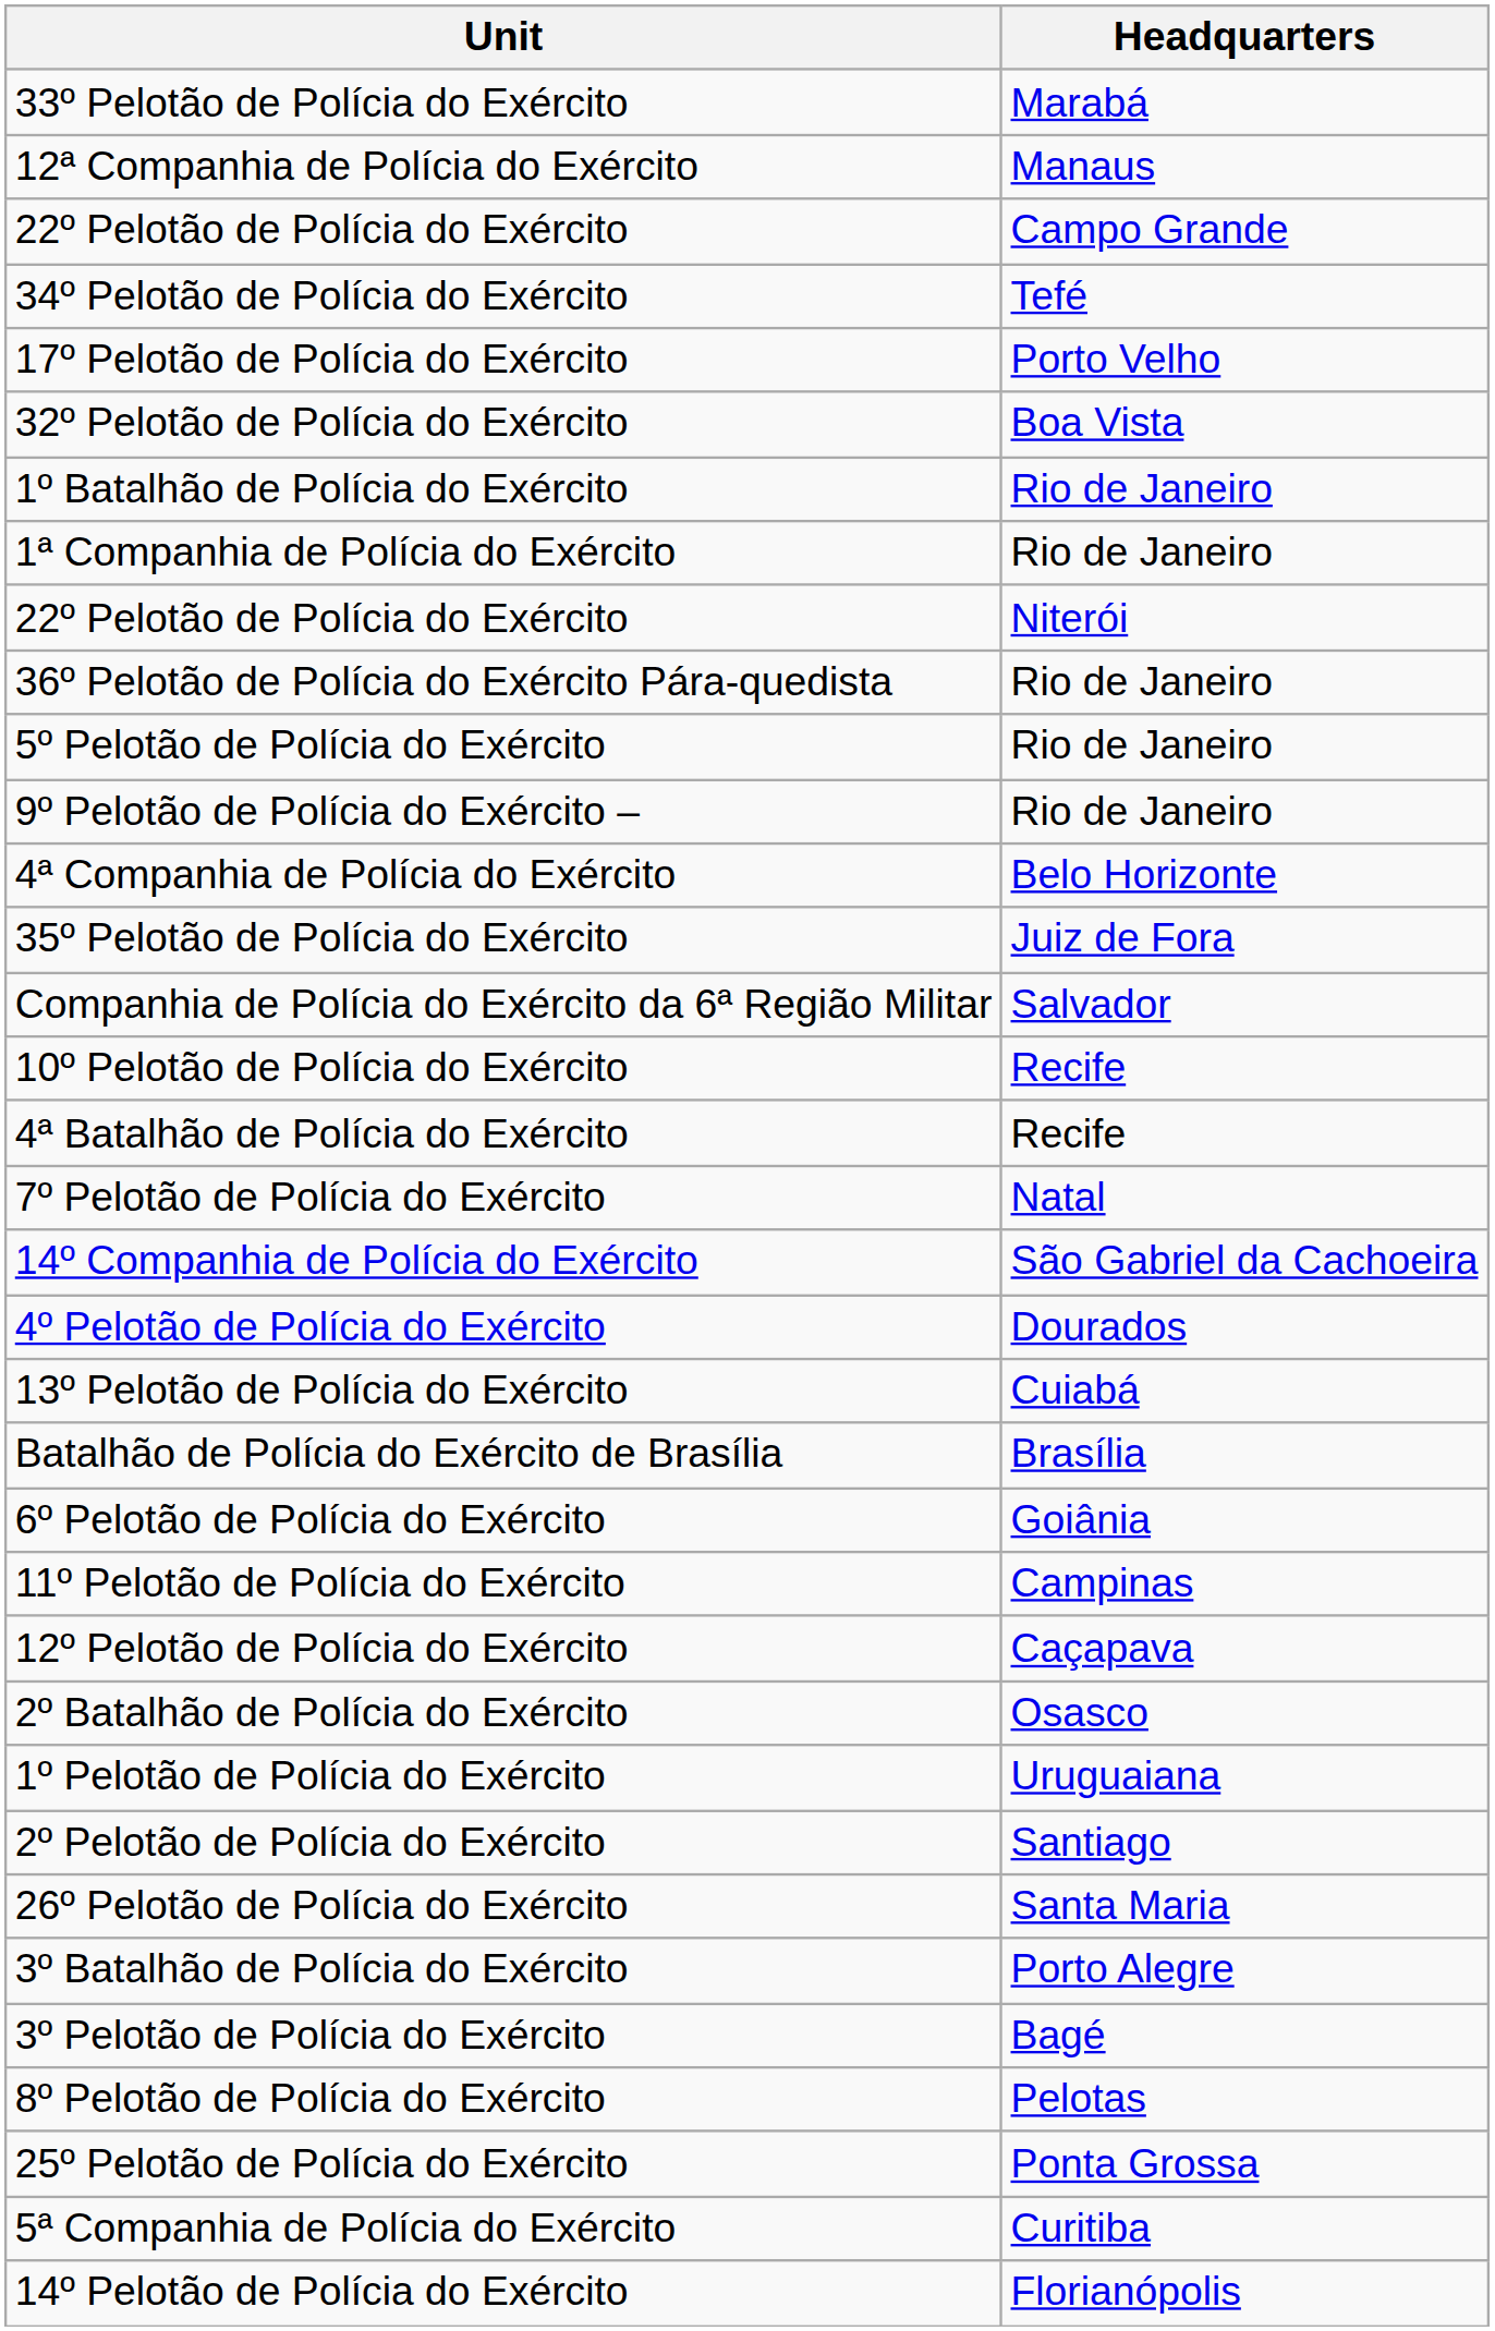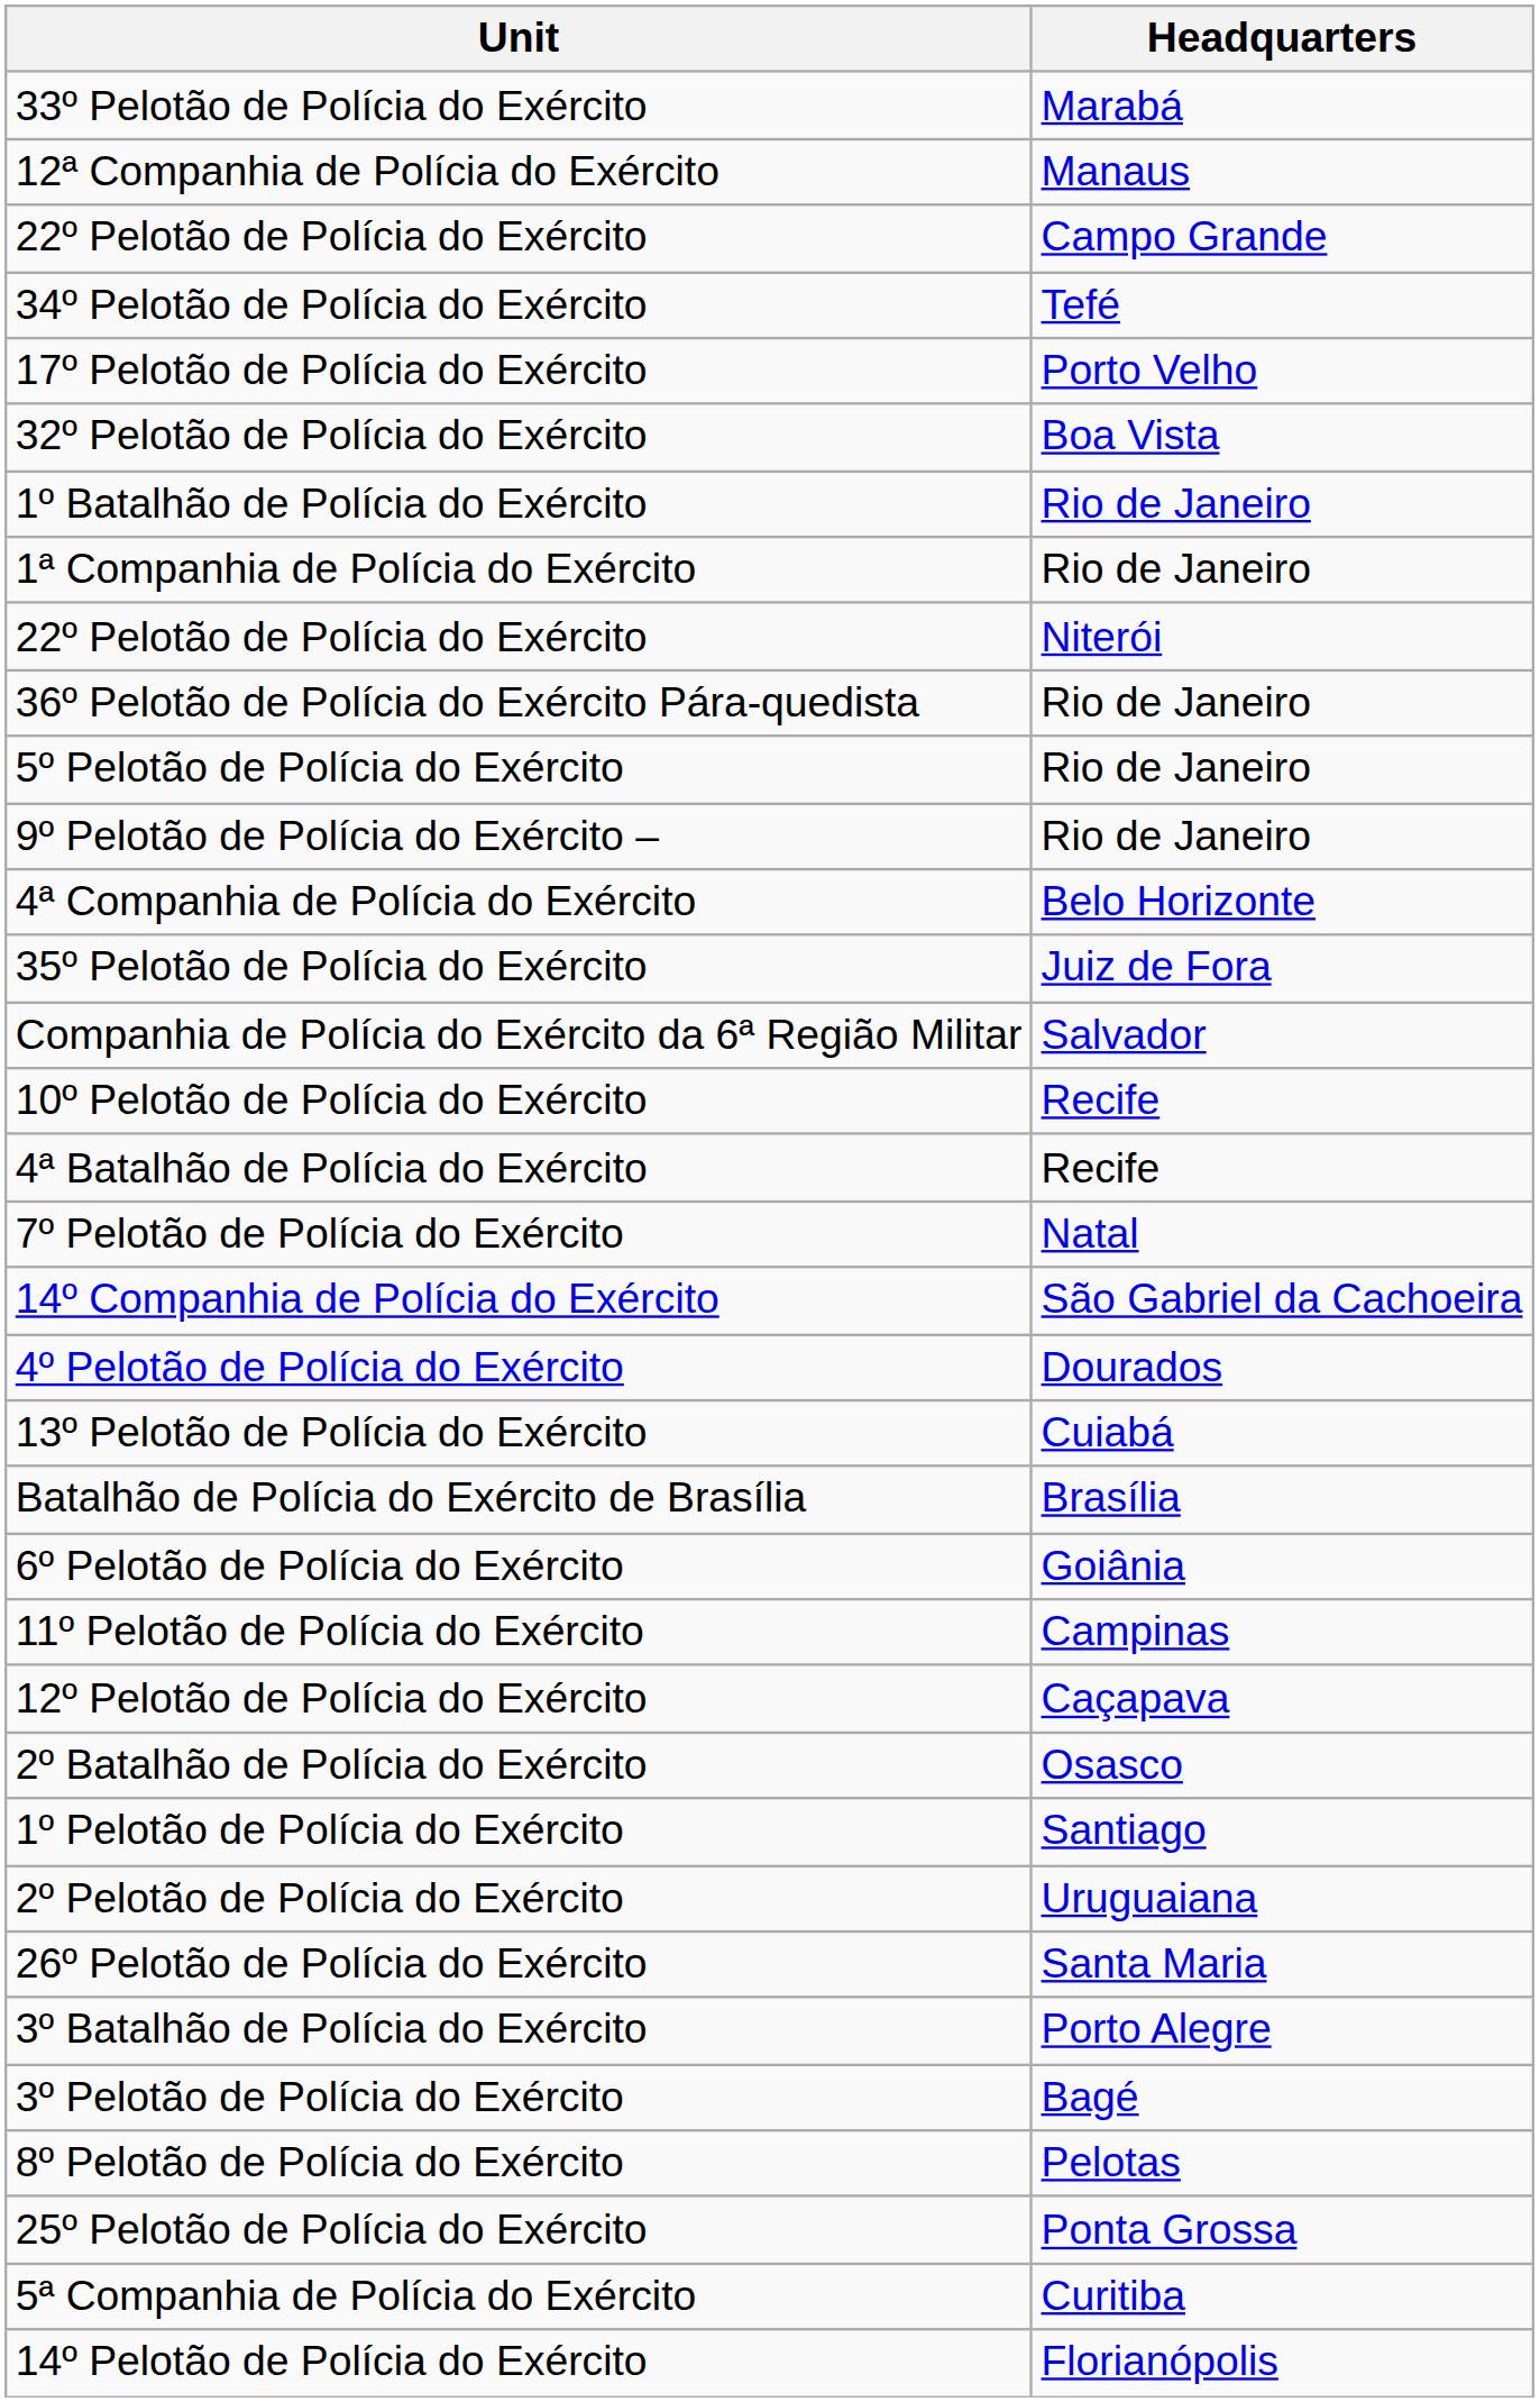 <table class="wikitable sortable ">
 <tr>
 <th>Unit</th>
 <th>Headquarters</th>
 </tr>
 <tr>
 <td>33º Pelotão de Polícia do Exército</td>
 <td><a href='#'>Marabá</a></td>
 </tr>
 <tr>
 <td>12ª Companhia de Polícia do Exército</td>
 <td><a href='#'>Manaus</a></td>
 </tr>
 <tr>
 <td>22º Pelotão de Polícia do Exército</td>
 <td><a href='#'>Campo Grande</a></td>
 </tr>
 <tr>
 <td>34º Pelotão de Polícia do Exército</td>
 <td><a href='#'>Tefé</a></td>
 </tr>
 <tr>
 <td>17º Pelotão de Polícia do Exército</td>
 <td><a href='#'>Porto Velho</a></td>
 </tr>
 <tr>
 <td>32º Pelotão de Polícia do Exército</td>
 <td><a href='#'>Boa Vista</a></td>
 </tr>
 <tr>
 <td>1º Batalhão de Polícia do Exército</td>
 <td><a href='#'>Rio de Janeiro</a></td>
 </tr>
 <tr>
 <td>1ª Companhia de Polícia do Exército</td>
 <td>Rio de Janeiro</td>
 </tr>
 <tr>
 <td>22º Pelotão de Polícia do Exército</td>
 <td><a href='#'>Niterói</a></td>
 </tr>
 <tr>
 <td>36º Pelotão de Polícia do Exército Pára-quedista</td>
 <td>Rio de Janeiro</td>
 </tr>
 <tr>
 <td>5º Pelotão de Polícia do Exército</td>
 <td>Rio de Janeiro</td>
 </tr>
 <tr>
 <td>9º Pelotão de Polícia do Exército –</td>
 <td>Rio de Janeiro</td>
 </tr>
 <tr>
 <td>4ª Companhia de Polícia do Exército</td>
 <td><a href='#'>Belo Horizonte</a></td>
 </tr>
 <tr>
 <td>35º Pelotão de Polícia do Exército</td>
 <td><a href='#'>Juiz de Fora</a></td>
 </tr>
 <tr>
 <td>Companhia de Polícia do Exército da 6ª Região Militar</td>
 <td><a href='#'>Salvador</a></td>
 </tr>
 <tr>
 <td>10º Pelotão de Polícia do Exército</td>
 <td><a href='#'>Recife</a></td>
 </tr>
 <tr>
 <td>4ª Batalhão de Polícia do Exército</td>
 <td>Recife</td>
 </tr>
 <tr>
 <td>7º Pelotão de Polícia do Exército</td>
 <td><a href='#'>Natal</a></td>
 </tr>
 <tr>
 <td><a href='#'>14º Companhia de Polícia do Exército</a></td>
 <td><a href='#'>São Gabriel da Cachoeira</a></td>
 </tr>
 <tr>
 <td><a href='#'>4º Pelotão de Polícia do Exército</a></td>
 <td><a href='#'>Dourados</a></td>
 </tr>
 <tr>
 <td>13º Pelotão de Polícia do Exército</td>
 <td><a href='#'>Cuiabá</a></td>
 </tr>
 <tr>
 <td>Batalhão de Polícia do Exército de Brasília</td>
 <td><a href='#'>Brasília</a></td>
 </tr>
 <tr>
 <td>6º Pelotão de Polícia do Exército</td>
 <td><a href='#'>Goiânia</a></td>
 </tr>
 <tr>
 <td>11º Pelotão de Polícia do Exército</td>
 <td><a href='#'>Campinas</a></td>
 </tr>
 <tr>
 <td>12º Pelotão de Polícia do Exército</td>
 <td><a href='#'>Caçapava</a></td>
 </tr>
 <tr>
 <td>2º Batalhão de Polícia do Exército</td>
 <td><a href='#'>Osasco</a></td>
 </tr>
 <tr>
 <td>1º Pelotão de Polícia do Exército</td>
-<td><a href='#'>Uruguaiana</a></td>
+<td><a href='#'>Santiago</a></td>
 </tr>
 <tr>
 <td>2º Pelotão de Polícia do Exército</td>
-<td><a href='#'>Santiago</a></td>
+<td><a href='#'>Uruguaiana</a></td>
 </tr>
 <tr>
 <td>26º Pelotão de Polícia do Exército</td>
 <td><a href='#'>Santa Maria</a></td>
 </tr>
 <tr>
 <td>3º Batalhão de Polícia do Exército</td>
 <td><a href='#'>Porto Alegre</a></td>
 </tr>
 <tr>
 <td>3º Pelotão de Polícia do Exército</td>
 <td><a href='#'>Bagé</a></td>
 </tr>
 <tr>
 <td>8º Pelotão de Polícia do Exército</td>
 <td><a href='#'>Pelotas</a></td>
 </tr>
 <tr>
 <td>25º Pelotão de Polícia do Exército</td>
 <td><a href='#'>Ponta Grossa</a></td>
 </tr>
 <tr>
 <td>5ª Companhia de Polícia do Exército</td>
 <td><a href='#'>Curitiba</a></td>
 </tr>
 <tr>
 <td>14º Pelotão de Polícia do Exército</td>
 <td><a href='#'>Florianópolis</a></td>
 </tr>
 </table>
